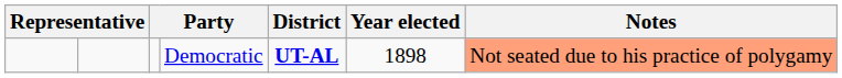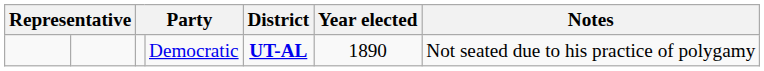 <table class="wikitable sortable" style="text-align:center">
 <tr>
 <th colspan=2>Representative</th>
 <th colspan=2>Party</th>
 <th>District</th>
 <th>Year elected</th>
 <th>Notes</th>
 </tr>
 <tr>
 <td data-sort-value="Roberts, B. H."></td>
 <td><strong></strong></td>
 <td style="background-color:"></td>
 <td><a href='#'>Democratic</a></td>
 <td><strong><a href='#'>UT-AL</a></strong></td>
-<td>1898</td>
-<td style="background: lightsalmon;">Not seated due to his practice of polygamy</td>
+<td>1890</td>
+<td>Not seated due to his practice of polygamy</td>
 </tr>
 </table>
